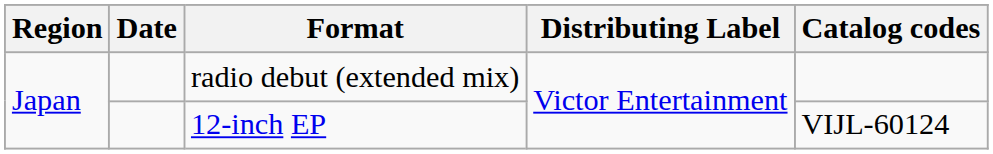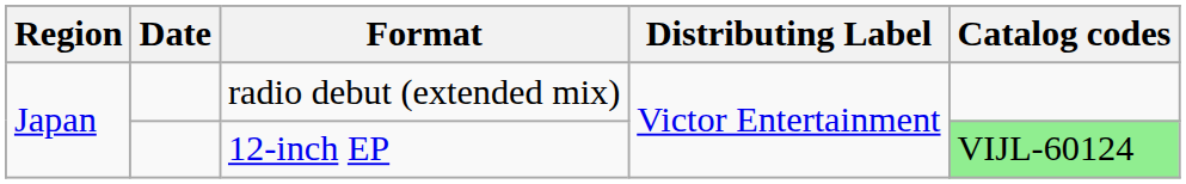 <table class="wikitable">
 <tr>
 <th>Region</th>
 <th>Date</th>
 <th>Format</th>
 <th>Distributing Label</th>
 <th>Catalog codes</th>
 </tr>
 <tr>
 <td rowspan="2"><a href='#'>Japan</a></td>
 <td></td>
 <td>radio debut (extended mix)</td>
 <td rowspan="2"><a href='#'>Victor Entertainment</a></td>
 <td></td>
 </tr>
 <tr>
 <td></td>
 <td><a href='#'>12-inch</a> <a href='#'>EP</a></td>
-<td>VIJL-60124</td>
+<td style="background: lightgreen;">VIJL-60124</td>
 </tr>
 </table>
